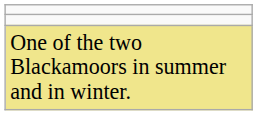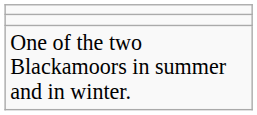 <table class="wikitable" align="right" width=180>
 <tr>
 <td></td>
 </tr>
 <tr>
 <td></td>
 </tr>
 <tr>
-<td style="background: khaki;">One of the two Blackamoors in summer and in winter.</td>
+<td>One of the two Blackamoors in summer and in winter.</td>
 </tr>
 </table>
